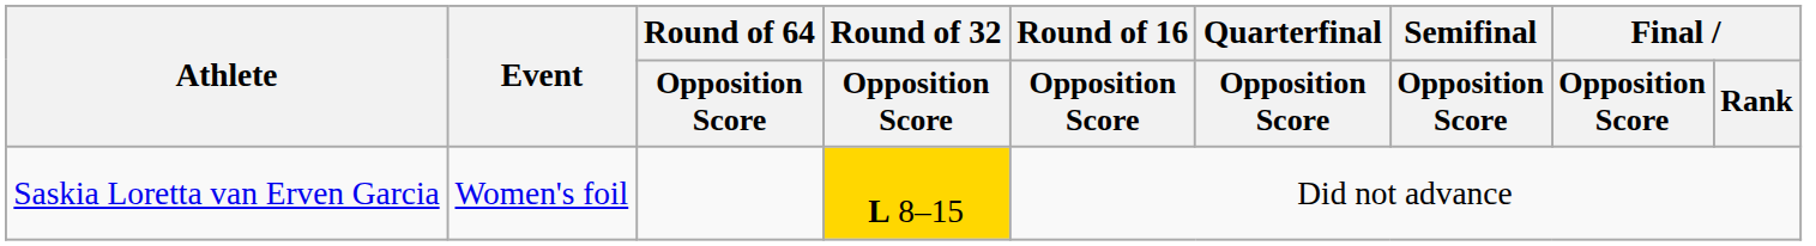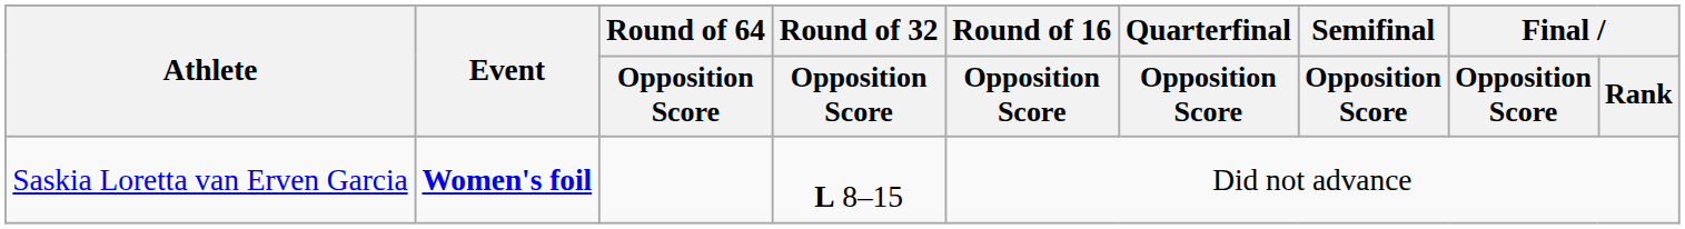 <table class="wikitable" style="font-size:90%">
 <tr>
 <th rowspan="2">Athlete</th>
 <th rowspan="2">Event</th>
 <th>Round of 64</th>
 <th>Round of 32</th>
 <th>Round of 16</th>
 <th>Quarterfinal</th>
 <th>Semifinal</th>
 <th colspan=2>Final / </th>
 </tr>
 <tr style="font-size:95%">
 <th>Opposition <br> Score</th>
 <th>Opposition <br> Score</th>
 <th>Opposition <br> Score</th>
 <th>Opposition <br> Score</th>
 <th>Opposition <br> Score</th>
 <th>Opposition <br> Score</th>
 <th>Rank</th>
 </tr>
 <tr align=center>
 <td align=left><a href='#'>Saskia Loretta van Erven Garcia</a></td>
-<td align=left><a href='#'>Women's foil</a></td>
+<td align=left><strong><a href='#'>Women's foil</a></strong></td>
 <td></td>
-<td style="background: gold;"><br> <strong>L</strong> 8–15</td>
+<td><br> <strong>L</strong> 8–15</td>
 <td colspan="5">Did not advance</td>
 </tr>
 </table>
